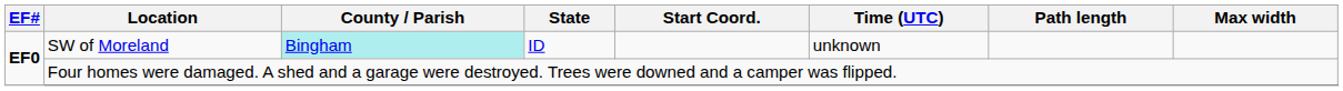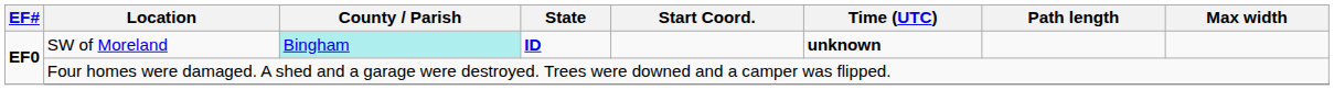 <table class="wikitable sortable" style="width:100%;">
 <tr>
 <th scope="col" width="2%" align="center"><a href='#'>EF#</a></th>
 <th scope="col" align="center" class="unsortable">Location</th>
 <th scope="col" align="center" class="unsortable">County / Parish</th>
 <th scope="col" align="center">State</th>
 <th scope="col" align="center" data-sort-type="number">Start Coord.</th>
 <th scope="col" align="center" data-sort-type="number">Time (<a href='#'>UTC</a>)</th>
 <th scope="col" align="center" data-sort-type="number">Path length</th>
 <th scope="col" align="center" data-sort-type="number">Max width</th>
 </tr>
 <tr>
 <td rowspan="2" align="center"><strong>EF0</strong></td>
 <td>SW of <a href='#'>Moreland</a></td>
 <td style="background: paleturquoise;"><a href='#'>Bingham</a></td>
-<td><a href='#'>ID</a></td>
+<td><strong><a href='#'>ID</a></strong></td>
 <td></td>
-<td>unknown</td>
+<td><strong>unknown</strong></td>
 <td></td>
 <td></td>
 </tr>
 <tr class="expand-child">
 <td colspan="8" style=" border-bottom: 1px solid black;">Four homes were damaged. A shed and a garage were destroyed. Trees were downed and a camper was flipped.</td>
 </tr>
 <tr>
 </tr>
 </table>
